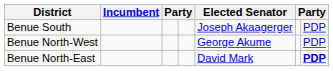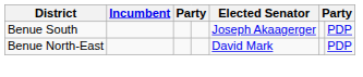 <table class="sortable wikitable" style="font-size:95%;line-height:14px;">
 <tr>
 <th class="unsortable">District</th>
 <th class="unsortable"><a href='#'>Incumbent</a></th>
 <th colspan="2">Party</th>
 <th class="unsortable">Elected Senator</th>
 <th colspan="2">Party</th>
 </tr>
 <tr>
 <td>Benue South</td>
 <td></td>
 <td></td>
 <td></td>
 <td><a href='#'>Joseph Akaagerger</a></td>
 <td style="background:"></td>
 <td><a href='#'>PDP</a></td>
 </tr>
 <tr>
-<td>Benue North-West</td>
-<td></td>
-<td></td>
-<td></td>
-<td><a href='#'>George Akume</a></td>
-<td style="background:"></td>
-<td><a href='#'>PDP</a></td>
-</tr>
-<tr>
 <td>Benue North-East</td>
 <td></td>
 <td></td>
 <td></td>
 <td><a href='#'>David Mark</a></td>
 <td style="background:"></td>
-<td><strong><a href='#'>PDP</a></strong></td>
+<td><a href='#'>PDP</a></td>
 </tr>
 </table>
